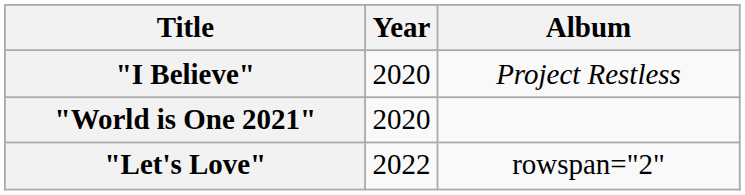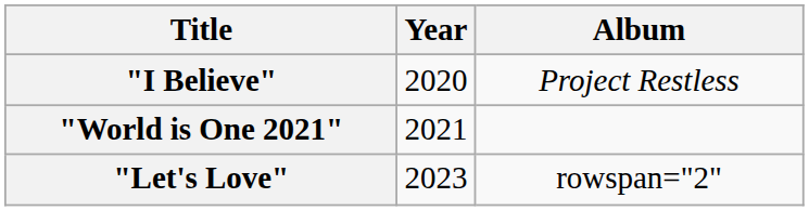 <table class="wikitable plainrowheaders" style="text-align:center">
 <tr>
 <th scope="col" style="width:12em">Title</th>
 <th scope="col" style="width:2em">Year</th>
 <th scope="col" style="width:10em">Album</th>
 </tr>
 <tr>
 <th scope="row">"I Believe"<br></th>
 <td>2020</td>
 <td><em>Project Restless</em></td>
 </tr>
 <tr>
 <th scope="row">"World is One 2021"<br></th>
-<td>2020</td>
+<td>2021</td>
 </tr>
 <tr>
 <th scope="row">"Let's Love"<br></th>
-<td>2022</td>
+<td>2023</td>
 <td>rowspan="2" </td>
 </tr>
 </table>
